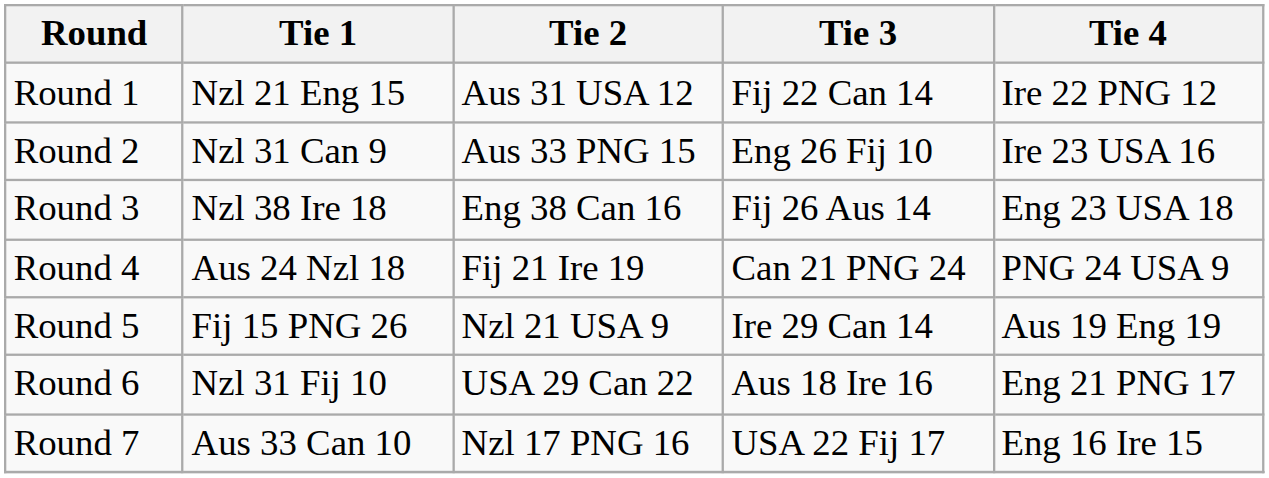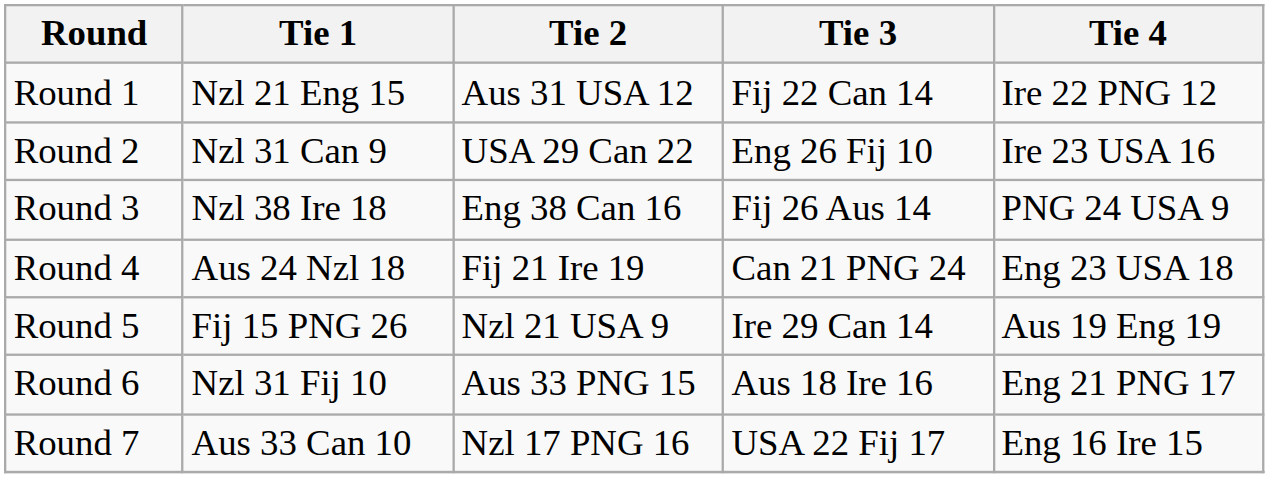 <table class="wikitable" style="font-size: 100%">
 <tr>
 <th width=70>Round</th>
 <th width=110>Tie 1</th>
 <th width=110>Tie 2</th>
 <th width=110>Tie 3</th>
 <th width=110>Tie 4</th>
 </tr>
 <tr>
 <td>Round 1</td>
 <td>Nzl 21 Eng 15</td>
 <td>Aus 31 USA 12</td>
 <td>Fij 22 Can 14</td>
 <td>Ire 22 PNG 12</td>
 </tr>
 <tr>
 <td>Round 2</td>
 <td>Nzl 31 Can 9</td>
-<td>Aus 33 PNG 15</td>
+<td>USA 29 Can 22</td>
 <td>Eng 26 Fij 10</td>
 <td>Ire 23 USA 16</td>
 </tr>
 <tr>
 <td>Round 3</td>
 <td>Nzl 38 Ire 18</td>
 <td>Eng 38 Can 16</td>
 <td>Fij 26 Aus 14</td>
-<td>Eng 23 USA 18</td>
+<td>PNG 24 USA 9</td>
 </tr>
 <tr>
 <td>Round 4</td>
 <td>Aus 24 Nzl 18</td>
 <td>Fij 21 Ire 19</td>
 <td>Can 21 PNG 24</td>
-<td>PNG 24 USA 9</td>
+<td>Eng 23 USA 18</td>
 </tr>
 <tr>
 <td>Round 5</td>
 <td>Fij 15 PNG 26</td>
 <td>Nzl 21 USA 9</td>
 <td>Ire 29 Can 14</td>
 <td>Aus 19 Eng 19</td>
 </tr>
 <tr>
 <td>Round 6</td>
 <td>Nzl 31 Fij 10</td>
-<td>USA 29 Can 22</td>
+<td>Aus 33 PNG 15</td>
 <td>Aus 18 Ire 16</td>
 <td>Eng 21 PNG 17</td>
 </tr>
 <tr>
 <td>Round 7</td>
 <td>Aus 33 Can 10</td>
 <td>Nzl 17 PNG 16</td>
 <td>USA 22 Fij 17</td>
 <td>Eng 16 Ire 15</td>
 </tr>
 <tr>
 </tr>
 </table>
